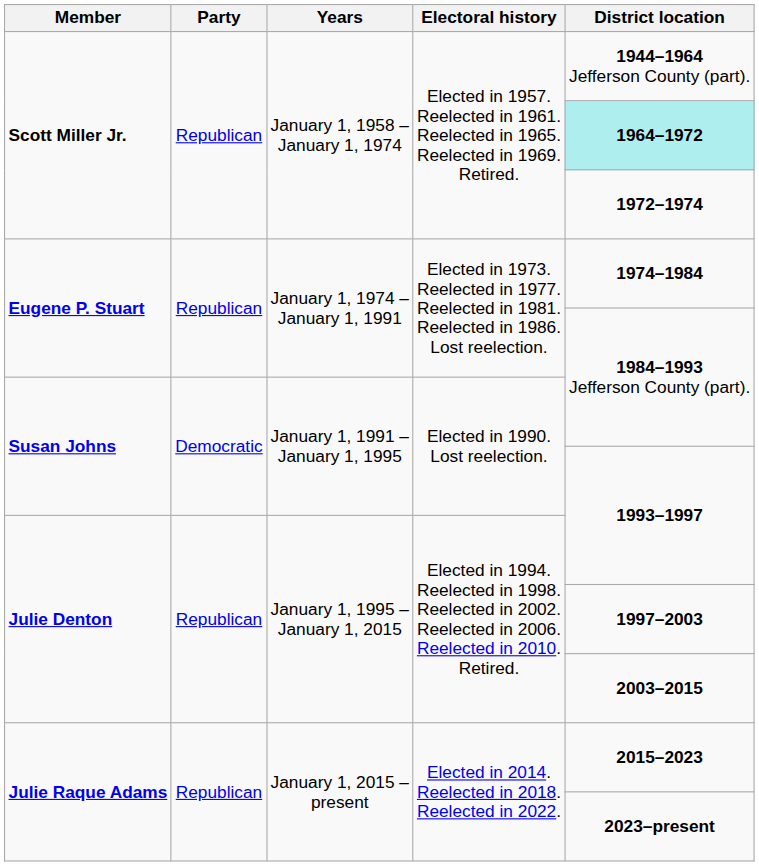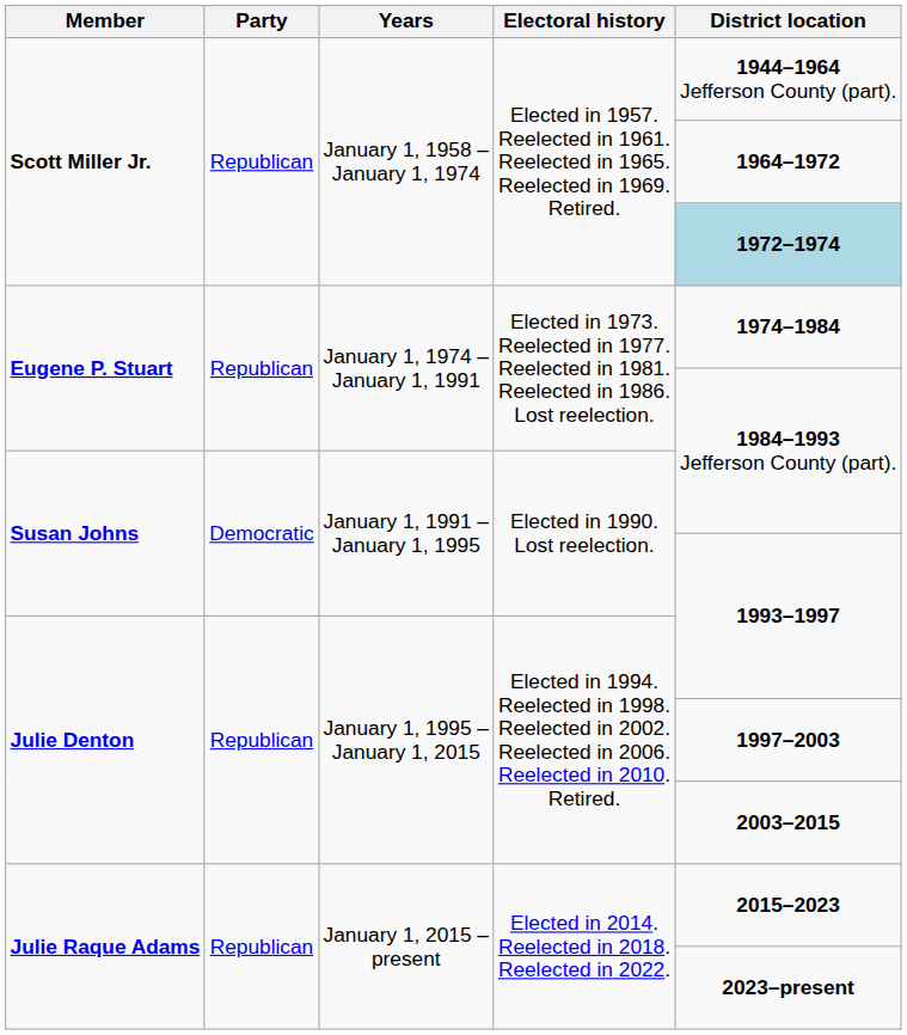 <table class=wikitable style="text-align:center">
 <tr>
 <th>Member</th>
 <th>Party</th>
 <th>Years</th>
 <th>Electoral history</th>
 <th>District location</th>
 </tr>
 <tr style="height:4em">
 <td rowspan=3 align=left><strong>Scott Miller Jr.</strong><br></td>
 <td rowspan=3 ><a href='#'>Republican</a></td>
 <td rowspan=3 nowrap>January 1, 1958 –<br>January 1, 1974</td>
 <td rowspan=3>Elected in 1957.<br>Reelected in 1961.<br>Reelected in 1965.<br>Reelected in 1969.<br>Retired.</td>
 <td><strong>1944–1964</strong><br>Jefferson County (part).</td>
 </tr>
 <tr style="height:4em">
-<td style="background: paleturquoise;"><strong>1964–1972</strong><br></td>
+<td><strong>1964–1972</strong><br></td>
 </tr>
 <tr style="height:4em">
-<td><strong>1972–1974</strong><br></td>
+<td style="background: lightblue;"><strong>1972–1974</strong><br></td>
 </tr>
 <tr style="height:4em">
 <td rowspan=2 align=left><strong><a href='#'>Eugene P. Stuart</a></strong><br></td>
 <td rowspan=2 ><a href='#'>Republican</a></td>
 <td rowspan=2 nowrap>January 1, 1974 –<br>January 1, 1991</td>
 <td rowspan=2>Elected in 1973.<br>Reelected in 1977.<br>Reelected in 1981.<br>Reelected in 1986.<br>Lost reelection.</td>
 <td><strong>1974–1984</strong><br></td>
 </tr>
 <tr style="height:4em">
 <td rowspan=2><strong>1984–1993</strong><br>Jefferson County (part).</td>
 </tr>
 <tr style="height:4em">
 <td rowspan=2 align=left><strong><a href='#'>Susan Johns</a></strong><br></td>
 <td rowspan=2 ><a href='#'>Democratic</a></td>
 <td rowspan=2 nowrap>January 1, 1991 –<br>January 1, 1995</td>
 <td rowspan=2>Elected in 1990.<br>Lost reelection.</td>
 </tr>
 <tr style="height:4em">
 <td rowspan=2><strong>1993–1997</strong><br></td>
 </tr>
 <tr style="height:4em">
 <td rowspan=3 align=left><strong><a href='#'>Julie Denton</a></strong><br></td>
 <td rowspan=3 ><a href='#'>Republican</a></td>
 <td rowspan=3 nowrap>January 1, 1995 –<br>January 1, 2015</td>
 <td rowspan=3>Elected in 1994.<br>Reelected in 1998.<br>Reelected in 2002.<br>Reelected in 2006.<br><a href='#'>Reelected in 2010</a>.<br>Retired.</td>
 </tr>
 <tr style="height:4em">
 <td><strong>1997–2003</strong><br></td>
 </tr>
 <tr style="height:4em">
 <td><strong>2003–2015</strong><br></td>
 </tr>
 <tr style="height:4em">
 <td rowspan=2 align=left><strong><a href='#'>Julie Raque Adams</a></strong><br></td>
 <td rowspan=2 ><a href='#'>Republican</a></td>
 <td rowspan=2 nowrap>January 1, 2015 –<br>present</td>
 <td rowspan=2><a href='#'>Elected in 2014</a>.<br><a href='#'>Reelected in 2018</a>.<br><a href='#'>Reelected in 2022</a>.</td>
 <td><strong>2015–2023</strong><br></td>
 </tr>
 <tr style="height:4em">
 <td><strong>2023–present</strong><br></td>
 </tr>
 </table>
